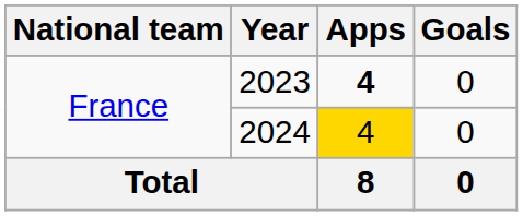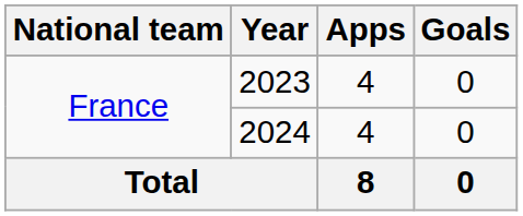 <table class="wikitable" style="text-align:center">
 <tr>
 <th>National team</th>
 <th>Year</th>
 <th>Apps</th>
 <th>Goals</th>
 </tr>
 <tr>
 <td rowspan="2"><a href='#'>France</a></td>
 <td>2023</td>
-<td><strong>4</strong></td>
+<td>4</td>
 <td>0</td>
 </tr>
 <tr>
 <td>2024</td>
-<td style="background: gold;">4</td>
+<td>4</td>
 <td>0</td>
 </tr>
 <tr>
 <th colspan="2">Total</th>
 <th>8</th>
 <th>0</th>
 </tr>
 </table>
